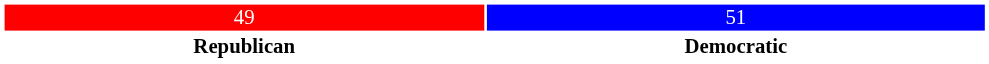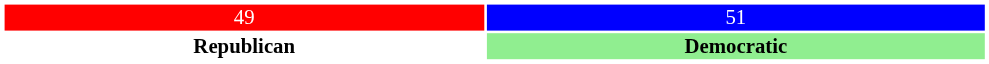 <table style="width:60%; text-align:center;">
 <tr style="color:white;">
 <td style="background:red; width:49.0%;">49</td>
 <td style="background:blue; width:51.0%;">51</td>
 </tr>
 <tr>
 <td><span><strong>Republican</strong></span></td>
-<td><span><strong>Democratic</strong></span></td>
+<td style="background: lightgreen;"><span><strong>Democratic</strong></span></td>
 </tr>
 </table>
